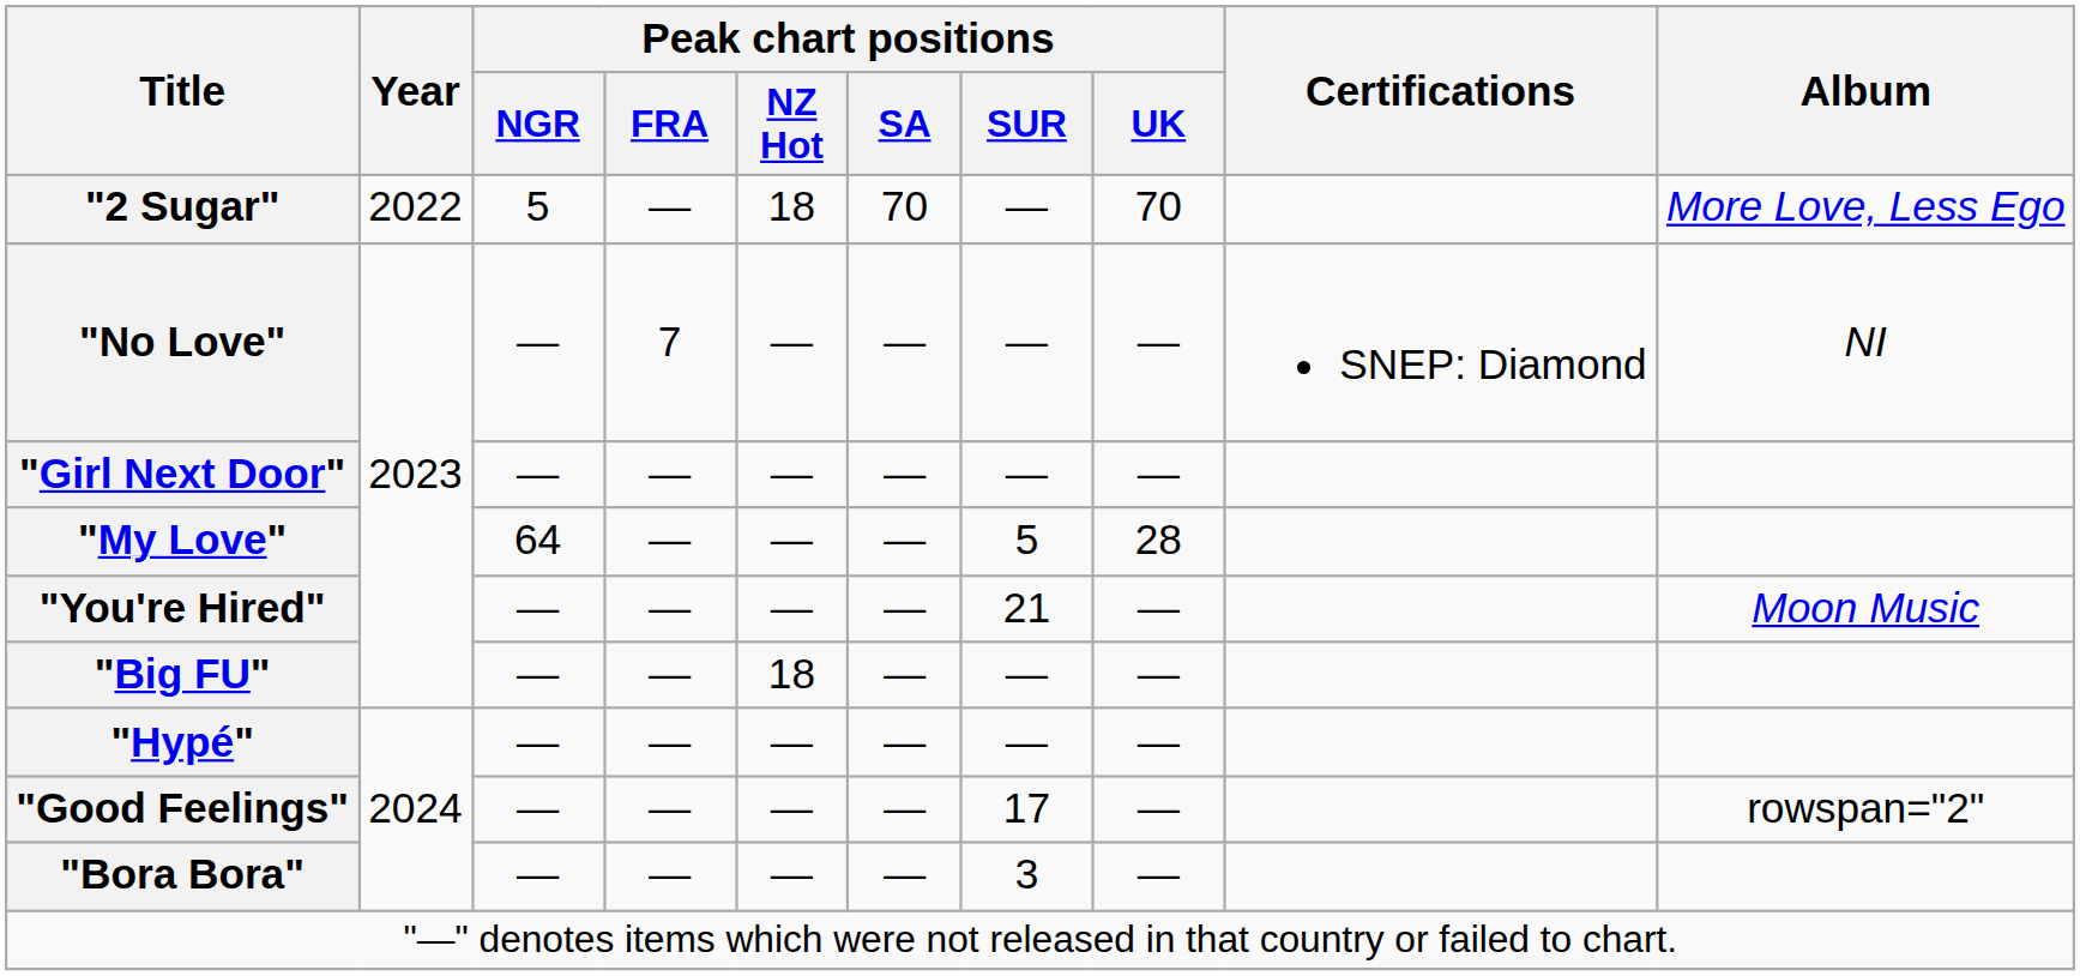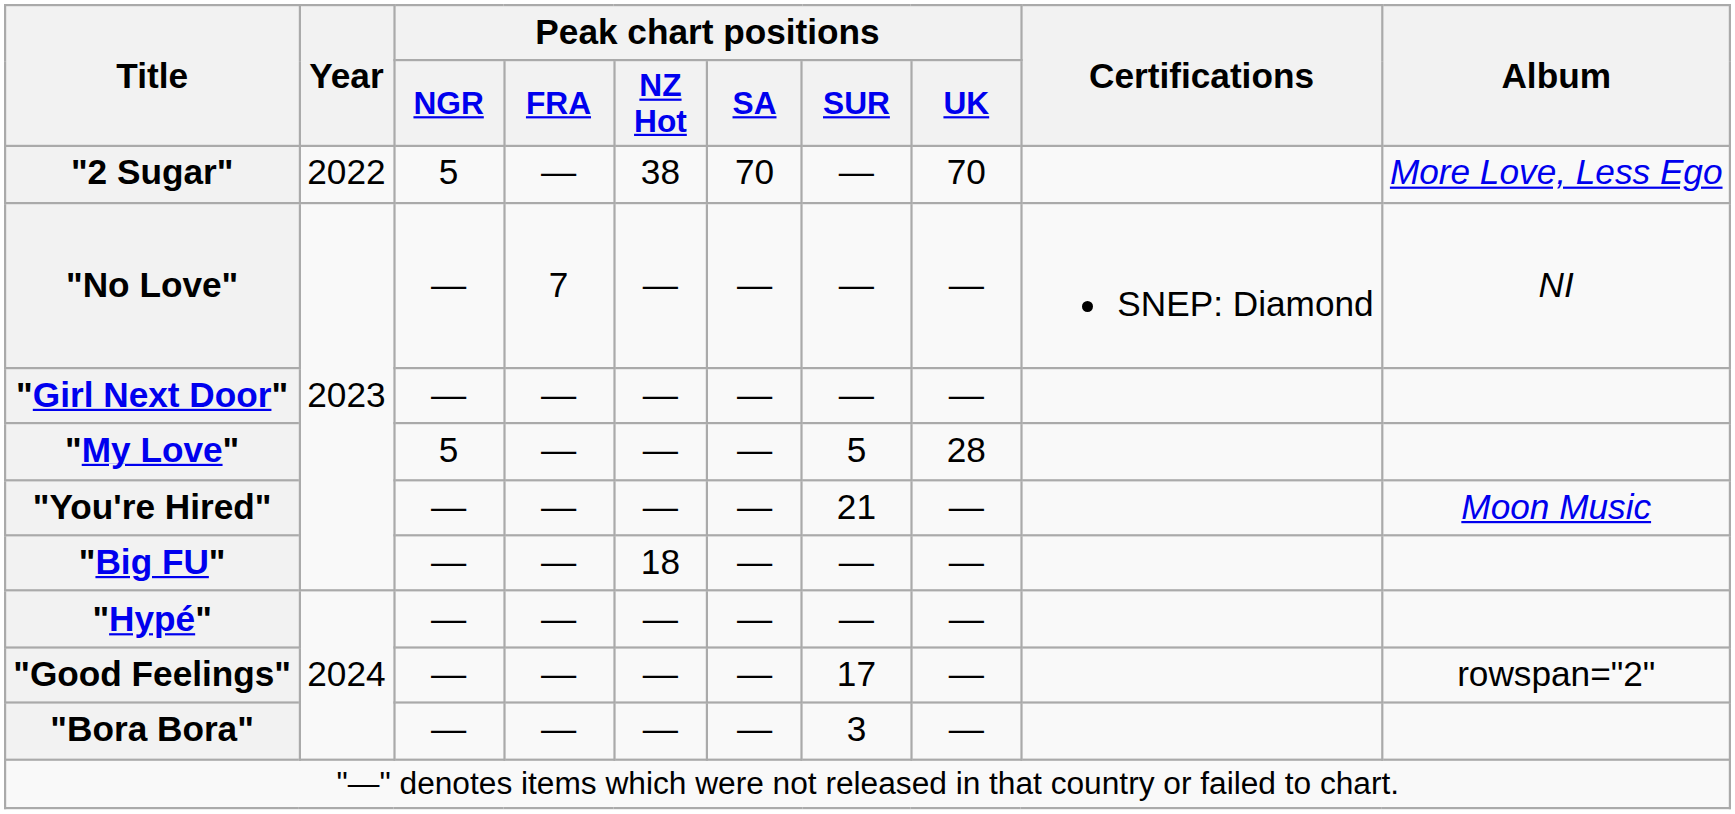 <table class="wikitable plainrowheaders" style="text-align:center;">
 <tr>
 <th scope="col" rowspan="2">Title</th>
 <th scope="col" rowspan="2">Year</th>
 <th colspan="6">Peak chart positions</th>
 <th scope="col" rowspan="2">Certifications</th>
 <th scope="col" rowspan="2">Album</th>
 </tr>
 <tr>
 <th scope="col" style="width:3em;font-size:90%;"><a href='#'>NGR</a><br></th>
 <th scope="col" style="width:3em; font-size:90%"><a href='#'>FRA</a><br></th>
 <th scope="col" style="width:2.5em;font-size:90%;"><a href='#'>NZ<br>Hot</a><br></th>
 <th scope="col" style="width:2.5em;font-size:90%;"><a href='#'>SA</a><br></th>
 <th scope="col" style="width:3em;font-size:90%;"><a href='#'>SUR</a><br></th>
 <th scope="col" style="width:3em; font-size:90%"><a href='#'>UK</a><br></th>
 </tr>
 <tr>
 <th scope="row">"2 Sugar"<br></th>
 <td>2022</td>
 <td>5</td>
 <td>—</td>
-<td>18</td>
+<td>38</td>
 <td>70</td>
 <td>—</td>
 <td>70</td>
 <td></td>
 <td><em><a href='#'>More Love, Less Ego</a></em></td>
 </tr>
 <tr>
 <th scope="row">"No Love"<br></th>
 <td rowspan="5">2023</td>
 <td>—</td>
 <td>7</td>
 <td>—</td>
 <td>—</td>
 <td>—</td>
 <td>—</td>
 <td><br><ul><li>SNEP: Diamond</li></ul></td>
 <td><em>NI</em></td>
 </tr>
 <tr>
 <th scope="row">"<a href='#'>Girl Next Door</a>"<br></th>
 <td>—</td>
 <td>—</td>
 <td>—</td>
 <td>—</td>
 <td>—</td>
 <td>—</td>
 <td></td>
 <td></td>
 </tr>
 <tr>
 <th scope="row">"<a href='#'>My Love</a>"<br></th>
-<td>64</td>
+<td>5</td>
 <td>—</td>
 <td>—</td>
 <td>—</td>
 <td>5</td>
 <td>28</td>
 <td></td>
 <td></td>
 </tr>
 <tr>
 <th scope="row">"You're Hired"<br></th>
 <td>—</td>
 <td>—</td>
 <td>—</td>
 <td>—</td>
 <td>21</td>
 <td>—</td>
 <td></td>
 <td><em><a href='#'>Moon Music</a></em></td>
 </tr>
 <tr>
 <th scope="row">"<a href='#'>Big FU</a>"<br></th>
 <td>—</td>
 <td>—</td>
 <td>18</td>
 <td>—</td>
 <td>—</td>
 <td>—</td>
 <td></td>
 </tr>
 <tr>
 <th scope="row">"<a href='#'>Hypé</a>"<br></th>
 <td rowspan="3">2024</td>
 <td>—</td>
 <td>—</td>
 <td>—</td>
 <td>—</td>
 <td>—</td>
 <td>—</td>
 <td></td>
 <td></td>
 </tr>
 <tr>
 <th scope="row">"Good Feelings"<br></th>
 <td>—</td>
 <td>—</td>
 <td>—</td>
 <td>—</td>
 <td>17</td>
 <td>—</td>
 <td></td>
 <td>rowspan="2" </td>
 </tr>
 <tr>
 <th scope="row">"Bora Bora"<br></th>
 <td>—</td>
 <td>—</td>
 <td>—</td>
 <td>—</td>
 <td>3</td>
 <td>—</td>
 <td></td>
 <td></td>
 </tr>
 <tr>
 <td colspan="10" style="font-size:90%;">"—" denotes items which were not released in that country or failed to chart.</td>
 </tr>
 </table>
